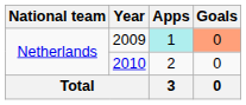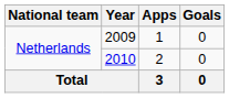 <table class="wikitable" style="text-align:center">
 <tr>
 <th>National team</th>
 <th>Year</th>
 <th>Apps</th>
 <th>Goals</th>
 </tr>
 <tr>
 <td rowspan="2"><a href='#'>Netherlands</a></td>
 <td>2009</td>
-<td style="background: paleturquoise;">1</td>
-<td style="background: lightsalmon;">0</td>
+<td>1</td>
+<td>0</td>
 </tr>
 <tr>
 <td><a href='#'>2010</a></td>
 <td>2</td>
 <td>0</td>
 </tr>
 <tr>
 <th colspan="2">Total</th>
 <th>3</th>
 <th>0</th>
 </tr>
 </table>
